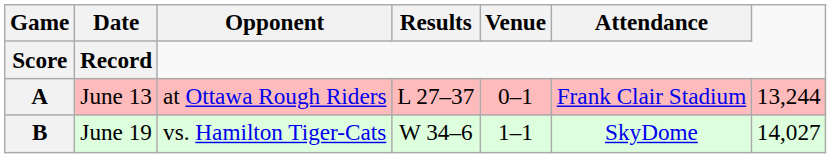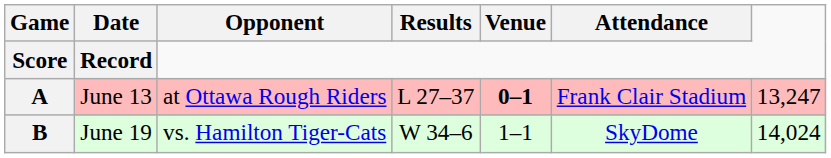 <table class="wikitable" style="text-align:center">
 <tr>
 <th>Game</th>
 <th>Date</th>
 <th>Opponent</th>
 <th>Results</th>
 <th>Venue</th>
 <th>Attendance</th>
 </tr>
 <tr>
 <th>Score</th>
 <th>Record</th>
 </tr>
 <tr style="background:#ffbbbb">
 <th>A</th>
 <td>June 13</td>
 <td>at <a href='#'>Ottawa Rough Riders</a></td>
 <td>L 27–37 </td>
-<td>0–1</td>
+<td><strong>0–1</strong></td>
 <td><a href='#'>Frank Clair Stadium</a></td>
-<td>13,244</td>
+<td>13,247</td>
 </tr>
 <tr style="background:#ddffdd">
 <th>B</th>
 <td>June 19</td>
 <td>vs. <a href='#'>Hamilton Tiger-Cats</a></td>
 <td>W 34–6</td>
 <td>1–1</td>
 <td><a href='#'>SkyDome</a></td>
-<td>14,027</td>
+<td>14,024</td>
 </tr>
 </table>
